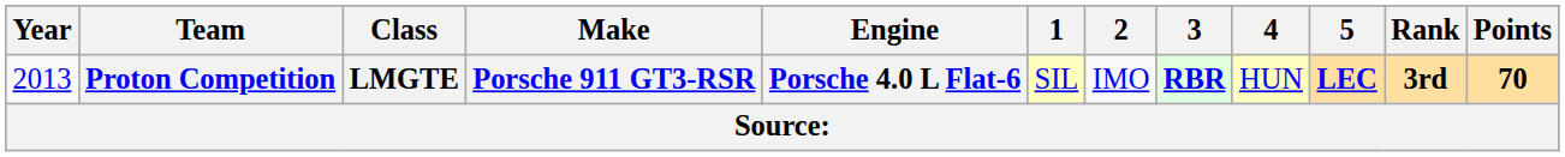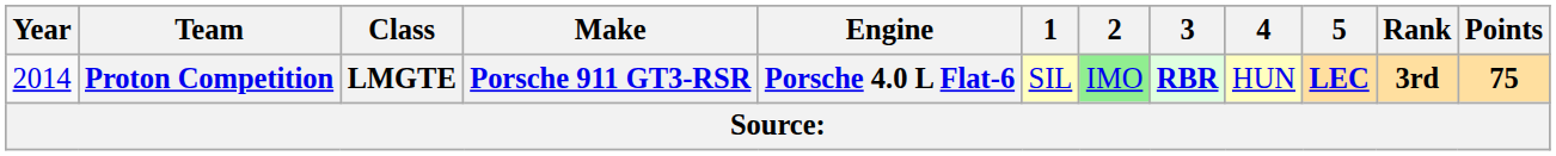 <table class="wikitable" style="text-align:center; font-size:90%">
 <tr>
 <th>Year</th>
 <th>Team</th>
 <th>Class</th>
 <th>Make</th>
 <th>Engine</th>
 <th>1</th>
 <th>2</th>
 <th>3</th>
 <th>4</th>
 <th>5</th>
 <th>Rank</th>
 <th>Points</th>
 </tr>
 <tr>
-<td><a href='#'>2013</a></td>
+<td><a href='#'>2014</a></td>
 <th><a href='#'>Proton Competition</a></th>
 <th>LMGTE</th>
 <th><a href='#'>Porsche 911 GT3-RSR</a></th>
 <th><a href='#'>Porsche</a> 4.0 L <a href='#'>Flat-6</a></th>
 <td style="background:#FFFFBF;”"><a href='#'>SIL</a><br></td>
-<td><a href='#'>IMO</a></td>
+<td style="background: lightgreen;"><a href='#'>IMO</a></td>
 <td style="background:#DFFFDF;"><strong><a href='#'>RBR</a></strong><br></td>
 <td style="background:#FFFFBF;”"><a href='#'>HUN</a><br></td>
 <td style="background:#FFDF9F;”"><strong><a href='#'>LEC</a><br></strong></td>
 <th style="background:#FFDF9F;”">3rd</th>
-<th style="background:#FFDF9F;”">70</th>
+<th style="background:#FFDF9F;”">75</th>
 </tr>
 <tr>
 <th colspan="12">Source:</th>
 </tr>
 </table>
